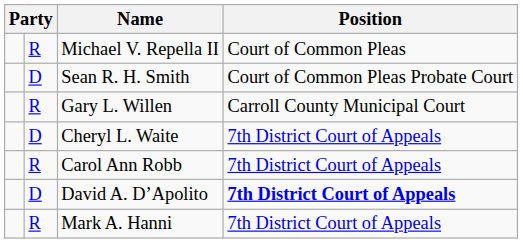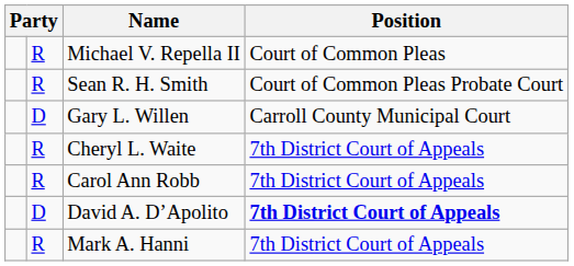 <table class=wikitable>
 <tr>
 <th colspan="2" style="text-align:center; vertical-align:bottom;">Party</th>
 <th style="text-align:center;">Name</th>
 <th valign=bottom>Position</th>
 </tr>
 <tr>
 <td style="background-color:"> </td>
 <td><a href='#'>R</a></td>
 <td>Michael V. Repella II</td>
 <td>Court of Common Pleas</td>
 </tr>
 <tr>
 <td style="background-color:"> </td>
-<td><a href='#'>D</a></td>
+<td><a href='#'>R</a></td>
 <td>Sean R. H. Smith</td>
 <td>Court of Common Pleas Probate Court</td>
 </tr>
 <tr>
 <td style="background-color:"> </td>
-<td><a href='#'>R</a></td>
+<td><a href='#'>D</a></td>
 <td>Gary L. Willen</td>
 <td>Carroll County Municipal Court</td>
 </tr>
 <tr>
 <td style="background-color:"> </td>
-<td><a href='#'>D</a></td>
+<td><a href='#'>R</a></td>
 <td>Cheryl L. Waite</td>
 <td><a href='#'>7th District Court of Appeals</a></td>
 </tr>
 <tr>
 <td style="background-color:"> </td>
 <td><a href='#'>R</a></td>
 <td>Carol Ann Robb</td>
 <td><a href='#'>7th District Court of Appeals</a></td>
 </tr>
 <tr>
 <td style="background-color:"> </td>
 <td><a href='#'>D</a></td>
 <td>David A. D’Apolito</td>
 <td><strong><a href='#'>7th District Court of Appeals</a></strong></td>
 </tr>
 <tr>
 <td style="background-color:"> </td>
 <td><a href='#'>R</a></td>
 <td>Mark A. Hanni</td>
 <td><a href='#'>7th District Court of Appeals</a></td>
 </tr>
 </table>
